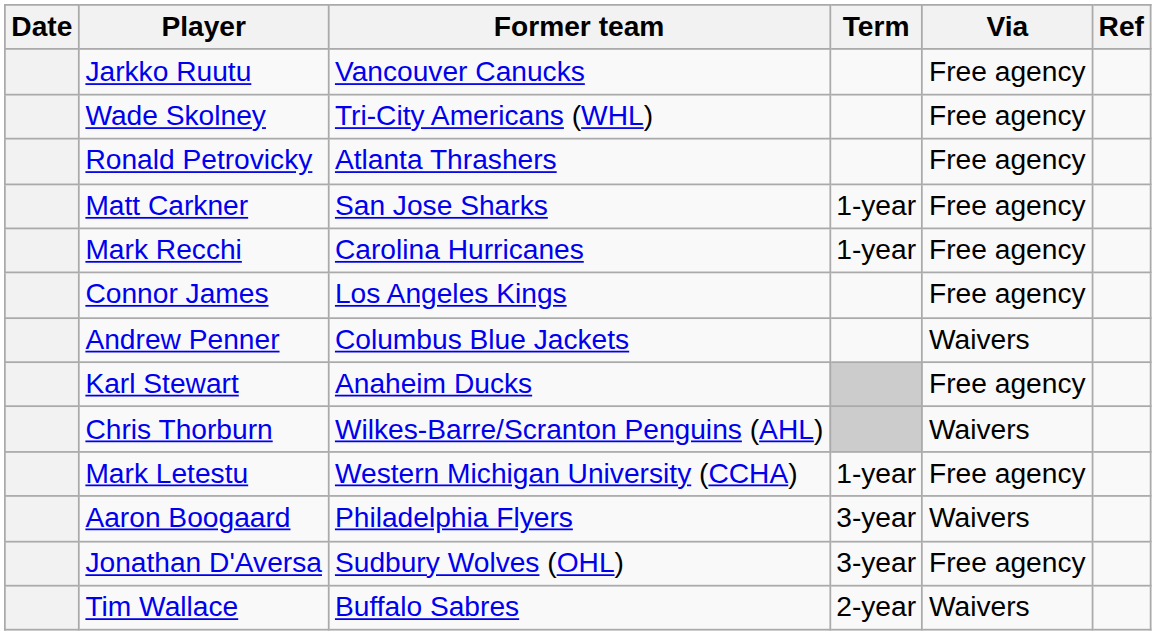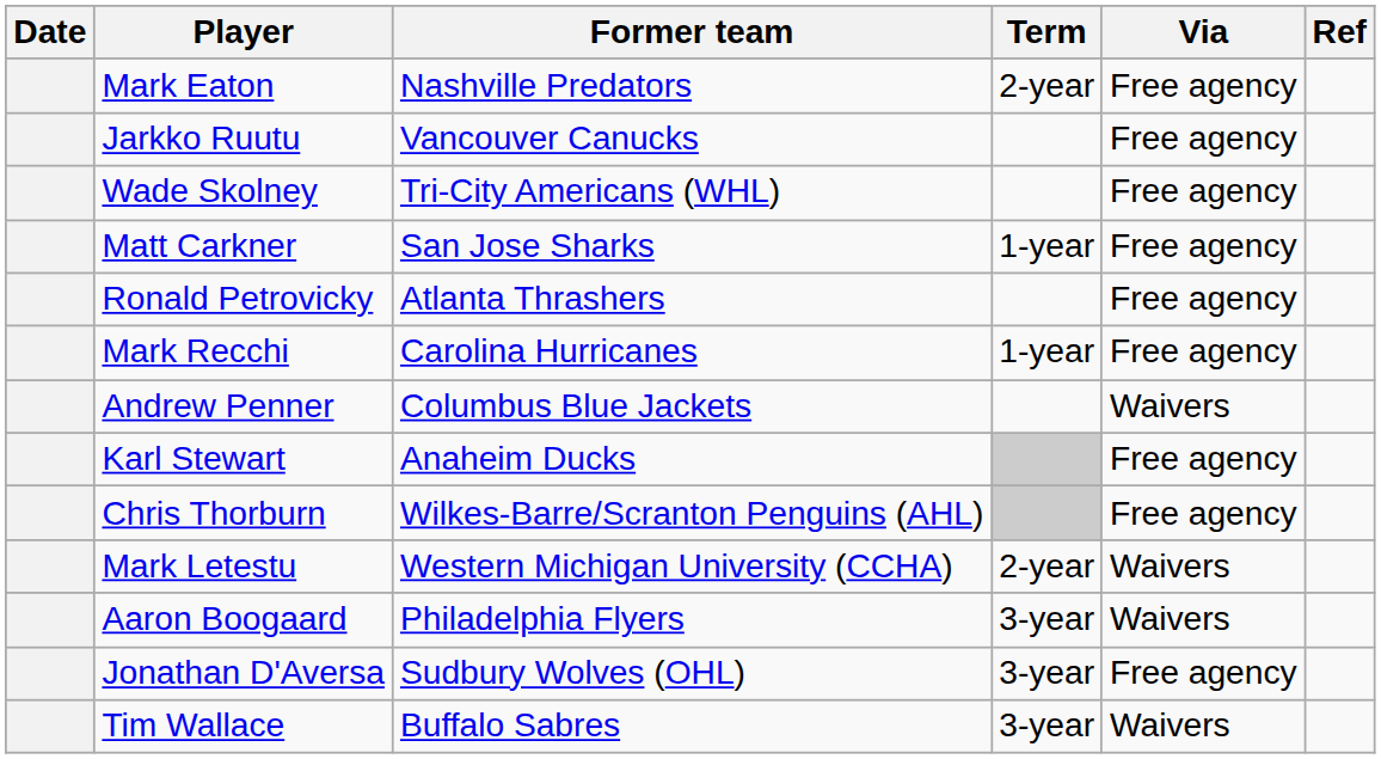 <table class="wikitable plainrowheaders">
 <tr style="background:#ddd; text-align:center;">
 <th>Date</th>
 <th>Player</th>
 <th>Former team</th>
 <th>Term</th>
 <th>Via</th>
 <th>Ref</th>
+</tr>
+<tr>
+<th scope="row"></th>
+<td><a href='#'>Mark Eaton</a></td>
+<td><a href='#'>Nashville Predators</a></td>
+<td>2-year</td>
+<td>Free agency</td>
+<td></td>
 </tr>
 <tr>
 <th scope="row"></th>
 <td><a href='#'>Jarkko Ruutu</a></td>
 <td><a href='#'>Vancouver Canucks</a></td>
 <td></td>
 <td>Free agency</td>
 <td></td>
 </tr>
 <tr>
 <th scope="row"></th>
 <td><a href='#'>Wade Skolney</a></td>
 <td><a href='#'>Tri-City Americans</a> (<a href='#'>WHL</a>)</td>
 <td></td>
 <td>Free agency</td>
 <td></td>
 </tr>
 <tr>
 <th scope="row"></th>
+<td><a href='#'>Matt Carkner</a></td>
+<td><a href='#'>San Jose Sharks</a></td>
+<td>1-year</td>
+<td>Free agency</td>
+<td></td>
+</tr>
+<tr>
+<th scope="row"></th>
 <td><a href='#'>Ronald Petrovicky</a></td>
 <td><a href='#'>Atlanta Thrashers</a></td>
 <td></td>
 <td>Free agency</td>
 <td></td>
 </tr>
 <tr>
 <th scope="row"></th>
-<td><a href='#'>Matt Carkner</a></td>
-<td><a href='#'>San Jose Sharks</a></td>
-<td>1-year</td>
-<td>Free agency</td>
-<td></td>
-</tr>
-<tr>
-<th scope="row"></th>
 <td><a href='#'>Mark Recchi</a></td>
 <td><a href='#'>Carolina Hurricanes</a></td>
 <td>1-year</td>
-<td>Free agency</td>
-<td></td>
-</tr>
-<tr>
-<th scope="row"></th>
-<td><a href='#'>Connor James</a></td>
-<td><a href='#'>Los Angeles Kings</a></td>
-<td></td>
 <td>Free agency</td>
 <td></td>
 </tr>
 <tr>
 <th scope="row"></th>
 <td><a href='#'>Andrew Penner</a></td>
 <td><a href='#'>Columbus Blue Jackets</a></td>
 <td></td>
 <td>Waivers</td>
 <td></td>
 </tr>
 <tr>
 <th scope="row"></th>
 <td><a href='#'>Karl Stewart</a></td>
 <td><a href='#'>Anaheim Ducks</a></td>
 <td style="background:#ccc"></td>
 <td>Free agency</td>
 <td></td>
 </tr>
 <tr>
 <th scope="row"></th>
 <td><a href='#'>Chris Thorburn</a></td>
 <td><a href='#'>Wilkes-Barre/Scranton Penguins</a> (<a href='#'>AHL</a>)</td>
 <td style="background:#ccc"></td>
-<td>Waivers</td>
+<td>Free agency</td>
 <td></td>
 </tr>
 <tr>
 <th scope="row"></th>
 <td><a href='#'>Mark Letestu</a></td>
 <td><a href='#'>Western Michigan University</a> (<a href='#'>CCHA</a>)</td>
-<td>1-year</td>
-<td>Free agency</td>
+<td>2-year</td>
+<td>Waivers</td>
 <td></td>
 </tr>
 <tr>
 <th scope="row"></th>
 <td><a href='#'>Aaron Boogaard</a></td>
 <td><a href='#'>Philadelphia Flyers</a></td>
 <td>3-year</td>
 <td>Waivers</td>
 <td></td>
 </tr>
 <tr>
 <th scope="row"></th>
 <td><a href='#'>Jonathan D'Aversa</a></td>
 <td><a href='#'>Sudbury Wolves</a> (<a href='#'>OHL</a>)</td>
 <td>3-year</td>
 <td>Free agency</td>
 <td></td>
 </tr>
 <tr>
 <th scope="row"></th>
 <td><a href='#'>Tim Wallace</a></td>
 <td><a href='#'>Buffalo Sabres</a></td>
-<td>2-year</td>
+<td>3-year</td>
 <td>Waivers</td>
 <td></td>
 </tr>
 </table>
